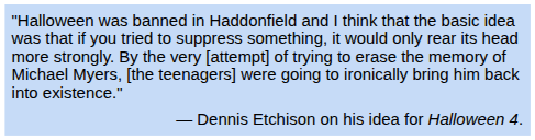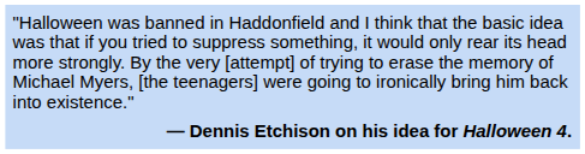 <table class="toccolours" style="float: left; margin-left: 1em; margin-right: 2em; font-size: 85%; background:#c6dbf7; color:black; width:32em; max-width: 40%;" cellspacing="5">
 <tr>
 <td style="text-align: left;">"Halloween was banned in Haddonfield and I think that the basic idea was that if you tried to suppress something, it would only rear its head more strongly. By the very [attempt] of trying to erase the memory of Michael Myers, [the teenagers] were going to ironically bring him back into existence."</td>
 </tr>
 <tr>
-<td style="text-align: right;"> — Dennis Etchison on his idea for <em>Halloween 4</em>.</td>
+<td style="text-align: right;"><strong> — Dennis Etchison on his idea for <em>Halloween 4</em>.</strong></td>
 </tr>
 </table>
